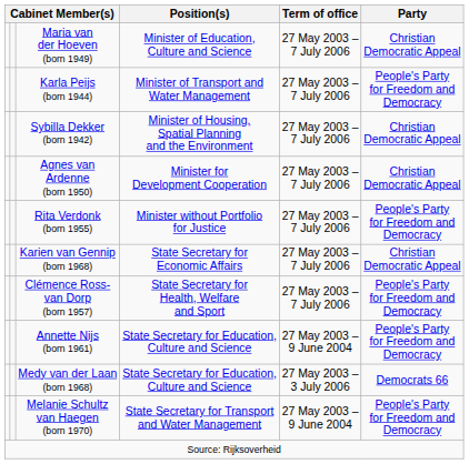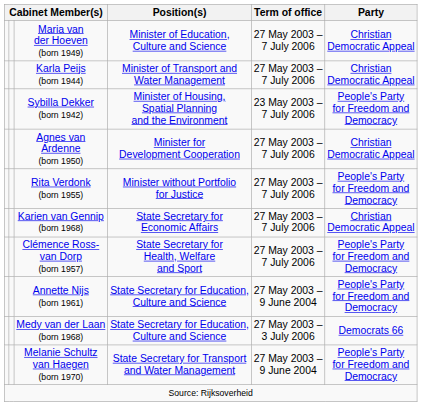 <table class="wikitable" style="text-align:center">
 <tr>
 <th colspan=3>Cabinet Member(s)</th>
 <th>Position(s)</th>
 <th>Term of office</th>
 <th>Party</th>
 </tr>
 <tr>
 <td style="background:"></td>
 <td></td>
 <td><a href='#'>Maria van <br> der Hoeven</a> <br> <small>(born 1949)</small></td>
 <td><a href='#'>Minister of Education, <br> Culture and Science</a></td>
 <td>27 May 2003 – <br> 7 July 2006</td>
 <td><a href='#'>Christian <br> Democratic Appeal</a></td>
 </tr>
 <tr>
 <td style="background:"></td>
 <td></td>
 <td><a href='#'>Karla Peijs</a> <br> <small>(born 1944)</small></td>
 <td><a href='#'>Minister of Transport and <br> Water Management</a></td>
 <td>27 May 2003 – <br> 7 July 2006</td>
-<td><a href='#'>People's Party <br> for Freedom and <br> Democracy</a></td>
+<td><a href='#'>Christian <br> Democratic Appeal</a></td>
 </tr>
 <tr>
 <td style="background:"></td>
 <td></td>
 <td><a href='#'>Sybilla Dekker</a> <br> <small>(born 1942)</small></td>
 <td><a href='#'>Minister of Housing, <br> Spatial Planning <br> and the Environment</a></td>
-<td>27 May 2003 – <br> 7 July 2006</td>
-<td><a href='#'>Christian <br> Democratic Appeal</a></td>
+<td>23 May 2003 – <br> 7 July 2006</td>
+<td><a href='#'>People's Party <br> for Freedom and <br> Democracy</a></td>
 </tr>
 <tr>
 <td style="background:"></td>
 <td></td>
 <td><a href='#'>Agnes van <br> Ardenne</a> <br> <small>(born 1950)</small></td>
 <td><a href='#'>Minister for <br> Development Cooperation</a></td>
 <td>27 May 2003 – <br> 7 July 2006</td>
 <td><a href='#'>Christian <br> Democratic Appeal</a></td>
 </tr>
 <tr>
 <td style="background:"></td>
 <td></td>
 <td><a href='#'>Rita Verdonk</a> <br> <small>(born 1955)</small></td>
 <td><a href='#'>Minister without Portfolio <br> for Justice</a></td>
 <td>27 May 2003 – <br> 7 July 2006</td>
 <td><a href='#'>People's Party <br> for Freedom and <br> Democracy</a></td>
 </tr>
 <tr>
 <td style="background:"></td>
 <td></td>
 <td><a href='#'>Karien van Gennip</a> <br> <small>(born 1968)</small></td>
 <td><a href='#'>State Secretary for <br> Economic Affairs</a></td>
 <td>27 May 2003 – <br> 7 July 2006</td>
 <td><a href='#'>Christian <br> Democratic Appeal</a></td>
 </tr>
 <tr>
 <td style="background:"></td>
 <td></td>
 <td><a href='#'>Clémence Ross-<br>van Dorp</a> <br> <small>(born 1957)</small></td>
 <td><a href='#'>State Secretary for <br> Health, Welfare <br> and Sport</a></td>
 <td>27 May 2003 – <br> 7 July 2006</td>
 <td><a href='#'>People's Party <br> for Freedom and <br> Democracy</a></td>
 </tr>
 <tr>
 <td style="background:"></td>
 <td></td>
 <td><a href='#'>Annette Nijs</a> <br> <small>(born 1961)</small></td>
 <td><a href='#'>State Secretary for Education, <br> Culture and Science</a></td>
 <td>27 May 2003 – <br> 9 June 2004</td>
 <td><a href='#'>People's Party <br> for Freedom and <br> Democracy</a></td>
 </tr>
 <tr>
 <td style="background:"></td>
 <td></td>
 <td><a href='#'>Medy van der Laan</a> <br> <small>(born 1968)</small></td>
 <td><a href='#'>State Secretary for Education, <br> Culture and Science</a></td>
 <td>27 May 2003 – <br> 3 July 2006</td>
 <td><a href='#'>Democrats 66</a></td>
 </tr>
 <tr>
 <td style="background:"></td>
 <td></td>
 <td><a href='#'>Melanie Schultz <br> van Haegen</a> <br> <small>(born 1970)</small></td>
 <td><a href='#'>State Secretary for Transport <br> and Water Management</a></td>
 <td>27 May 2003 – <br> 9 June 2004</td>
 <td><a href='#'>People's Party <br> for Freedom and <br> Democracy</a></td>
 </tr>
 <tr>
 <td colspan=9><small>Source:   Rijksoverheid</small></td>
 </tr>
 </table>
